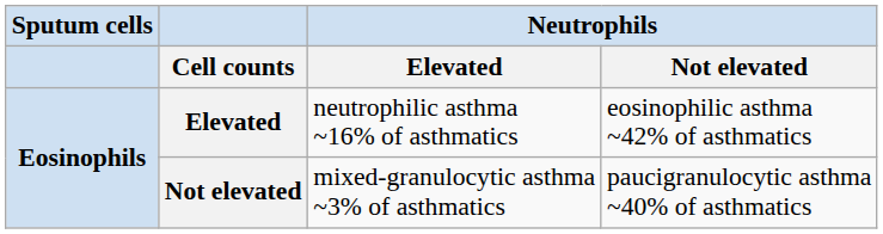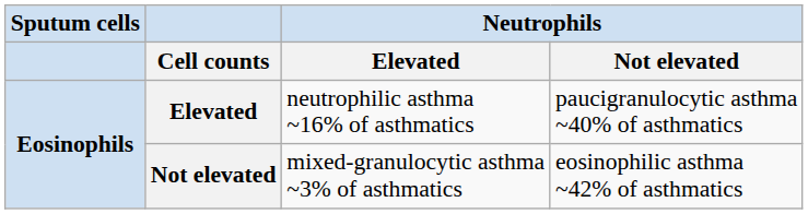 <table class="wikitable">
 <tr>
 <th style="background:#CEE0F2;">Sputum cells</th>
 <th style="background:#CEE0F2;"></th>
 <th colspan="2" style="background:#CEE0F2;">Neutrophils</th>
 </tr>
 <tr>
 <th style="background:#CEE0F2;"></th>
 <th>Cell counts</th>
 <th><strong>Elevated</strong></th>
 <th><strong>Not elevated</strong></th>
 </tr>
 <tr>
 <th rowspan="2" style="background:#CEE0F2;"><strong>Eosinophils</strong></th>
 <th><strong>Elevated</strong></th>
 <td>neutrophilic asthma<br>~16% of asthmatics</td>
-<td>eosinophilic asthma<br>~42% of asthmatics</td>
+<td>paucigranulocytic asthma<br>~40% of asthmatics</td>
 </tr>
 <tr>
 <th><strong>Not elevated</strong></th>
 <td>mixed-granulocytic asthma<br>~3% of asthmatics</td>
-<td>paucigranulocytic asthma<br>~40% of asthmatics</td>
+<td>eosinophilic asthma<br>~42% of asthmatics</td>
 </tr>
 </table>
